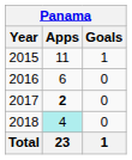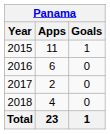 <table class="wikitable" style="text-align:center">
 <tr>
 <th colspan=3><a href='#'>Panama</a></th>
 </tr>
 <tr>
 <th>Year</th>
 <th>Apps</th>
 <th>Goals</th>
 </tr>
 <tr>
 <td>2015</td>
 <td>11</td>
 <td>1</td>
 </tr>
 <tr>
 <td>2016</td>
 <td>6</td>
 <td>0</td>
 </tr>
 <tr>
 <td>2017</td>
-<td><strong>2</strong></td>
+<td>2</td>
 <td>0</td>
 </tr>
 <tr>
 <td>2018</td>
-<td style="background: paleturquoise;">4</td>
+<td>4</td>
 <td>0</td>
 </tr>
 <tr>
 <th>Total</th>
 <th>23</th>
 <th>1</th>
 </tr>
 </table>
